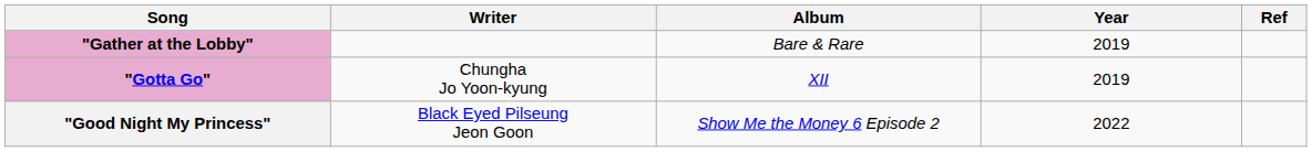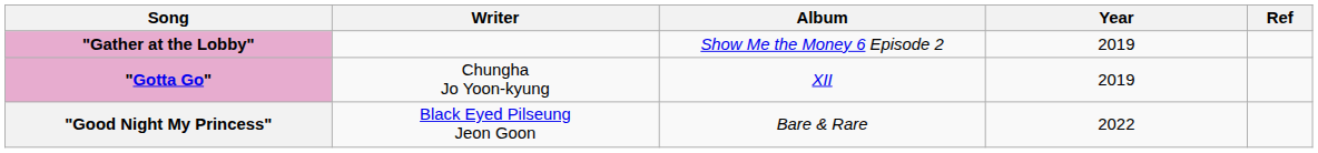 <table class="wikitable" style="text-align:center; width:100%">
 <tr>
 <th style="width:25%">Song</th>
 <th style="width:25%">Writer</th>
 <th style="width:25%">Album</th>
 <th style="width:20%">Year</th>
 <th style="width:5%">Ref</th>
 </tr>
 <tr>
 <th scope="row" style="background-color:#E7ACCF">"Gather at the Lobby" <br> </th>
 <td></td>
-<td><em>Bare & Rare</em></td>
+<td><em><a href='#'>Show Me the Money 6</a> Episode 2</em></td>
 <td>2019</td>
 <td></td>
 </tr>
 <tr>
 <th scope="row" style="background-color:#E7ACCF">"<a href='#'>Gotta Go</a>" </th>
 <td>Chungha<br>Jo Yoon-kyung</td>
 <td><em><a href='#'>XII</a></em></td>
 <td>2019</td>
 <td></td>
 </tr>
 <tr>
 <th scope="row">"Good Night My Princess"</th>
 <td><a href='#'>Black Eyed Pilseung</a><br>Jeon Goon</td>
-<td><em><a href='#'>Show Me the Money 6</a> Episode 2</em></td>
+<td><em>Bare & Rare</em></td>
 <td>2022</td>
 <td></td>
 </tr>
 </table>
